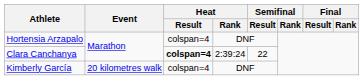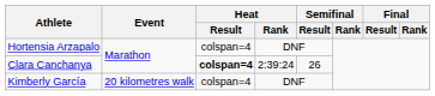 <table class="wikitable" style="font-size:90%">
 <tr>
 <th rowspan="2">Athlete</th>
 <th rowspan="2">Event</th>
 <th colspan="2">Heat</th>
 <th colspan="2">Semifinal</th>
 <th colspan="2">Final</th>
 </tr>
 <tr style="font-size:95%">
 <th>Result</th>
 <th>Rank</th>
 <th>Result</th>
 <th>Rank</th>
 <th>Result</th>
 <th>Rank</th>
 </tr>
 <tr style=text-align:center>
 <td style=text-align:left><a href='#'>Hortensia Arzapalo</a></td>
 <td style=text-align:left rowspan=2><a href='#'>Marathon</a></td>
 <td>colspan=4 </td>
 <td colspan=2>DNF</td>
 </tr>
 <tr style=text-align:center>
 <td style=text-align:left><a href='#'>Clara Canchanya</a></td>
 <td><strong>colspan=4 </strong></td>
 <td>2:39:24</td>
-<td>22</td>
+<td>26</td>
 </tr>
 <tr style=text-align:center>
 <td style=text-align:left><a href='#'>Kimberly García</a></td>
 <td style=text-align:left><a href='#'>20 kilometres walk</a></td>
 <td>colspan=4 </td>
 <td colspan=2>DNF</td>
 </tr>
 </table>
